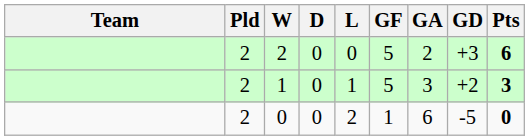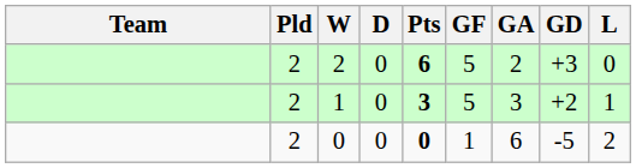 <table class="wikitable" style="text-align:center;">
 <tr>
 <th width=165>Team</th>
 <th width=20>Pld</th>
 <th width=20>W</th>
 <th width=20>D</th>
-<th width=20>L</th>
+<th width=20>Pts</th>
 <th width=20>GF</th>
 <th width=20>GA</th>
 <th width=20>GD</th>
-<th width=20>Pts</th>
+<th width=20>L</th>
 </tr>
 <tr style="background:#ccffcc">
 <td style="text-align:left;"></td>
 <td>2</td>
 <td>2</td>
 <td>0</td>
-<td>0</td>
+<td><strong>6</strong></td>
 <td>5</td>
 <td>2</td>
 <td>+3</td>
-<td><strong>6</strong></td>
+<td>0</td>
 </tr>
 <tr style="background:#ccffcc">
 <td style="text-align:left;"></td>
 <td>2</td>
 <td>1</td>
 <td>0</td>
-<td>1</td>
+<td><strong>3</strong></td>
 <td>5</td>
 <td>3</td>
 <td>+2</td>
-<td><strong>3</strong></td>
+<td>1</td>
 </tr>
 <tr>
 <td style="text-align:left;"></td>
 <td>2</td>
 <td>0</td>
 <td>0</td>
-<td>2</td>
+<td><strong>0</strong></td>
 <td>1</td>
 <td>6</td>
 <td>-5</td>
-<td><strong>0</strong></td>
+<td>2</td>
 </tr>
 </table>
